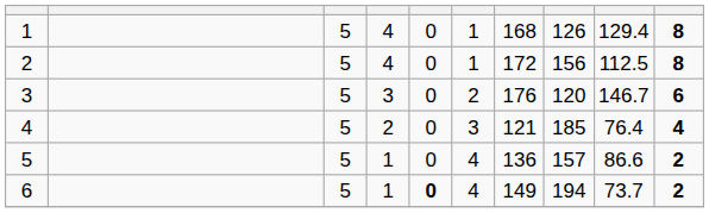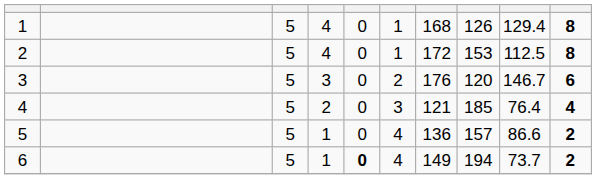 <table class="wikitable" style="text-align:center; font-size:95%">
 <tr>
 <th width="25"></th>
 <th width="200"></th>
 <th width="25"></th>
 <th width="25"></th>
 <th width="25"></th>
 <th width="25"></th>
 <th width="30"></th>
 <th width="30"></th>
 <th width="30"></th>
 <th width="30"></th>
 </tr>
 <tr style="background:#">
 <td>1</td>
 <td style="text-align:left"></td>
 <td>5</td>
 <td>4</td>
 <td>0</td>
 <td>1</td>
 <td>168</td>
 <td>126</td>
 <td>129.4</td>
 <td><strong>8</strong></td>
 </tr>
 <tr style="background:#">
 <td>2</td>
 <td style="text-align:left"></td>
 <td>5</td>
 <td>4</td>
 <td>0</td>
 <td>1</td>
 <td>172</td>
-<td>156</td>
+<td>153</td>
 <td>112.5</td>
 <td><strong>8</strong></td>
 </tr>
 <tr style="background:#">
 <td>3</td>
 <td style="text-align:left"></td>
 <td>5</td>
 <td>3</td>
 <td>0</td>
 <td>2</td>
 <td>176</td>
 <td>120</td>
 <td>146.7</td>
 <td><strong>6</strong></td>
 </tr>
 <tr style="background:#">
 <td>4</td>
 <td style="text-align:left"></td>
 <td>5</td>
 <td>2</td>
 <td>0</td>
 <td>3</td>
 <td>121</td>
 <td>185</td>
 <td>76.4</td>
 <td><strong>4</strong></td>
 </tr>
 <tr style="background-color:#">
 <td>5</td>
 <td style="text-align:left"></td>
 <td>5</td>
 <td>1</td>
 <td>0</td>
 <td>4</td>
 <td>136</td>
 <td>157</td>
 <td>86.6</td>
 <td><strong>2</strong></td>
 </tr>
 <tr style="background-color:#">
 <td>6</td>
 <td style="text-align:left"></td>
 <td>5</td>
 <td>1</td>
 <td><strong>0</strong></td>
 <td>4</td>
 <td>149</td>
 <td>194</td>
 <td>73.7</td>
 <td><strong>2</strong></td>
 </tr>
 <tr>
 </tr>
 </table>
